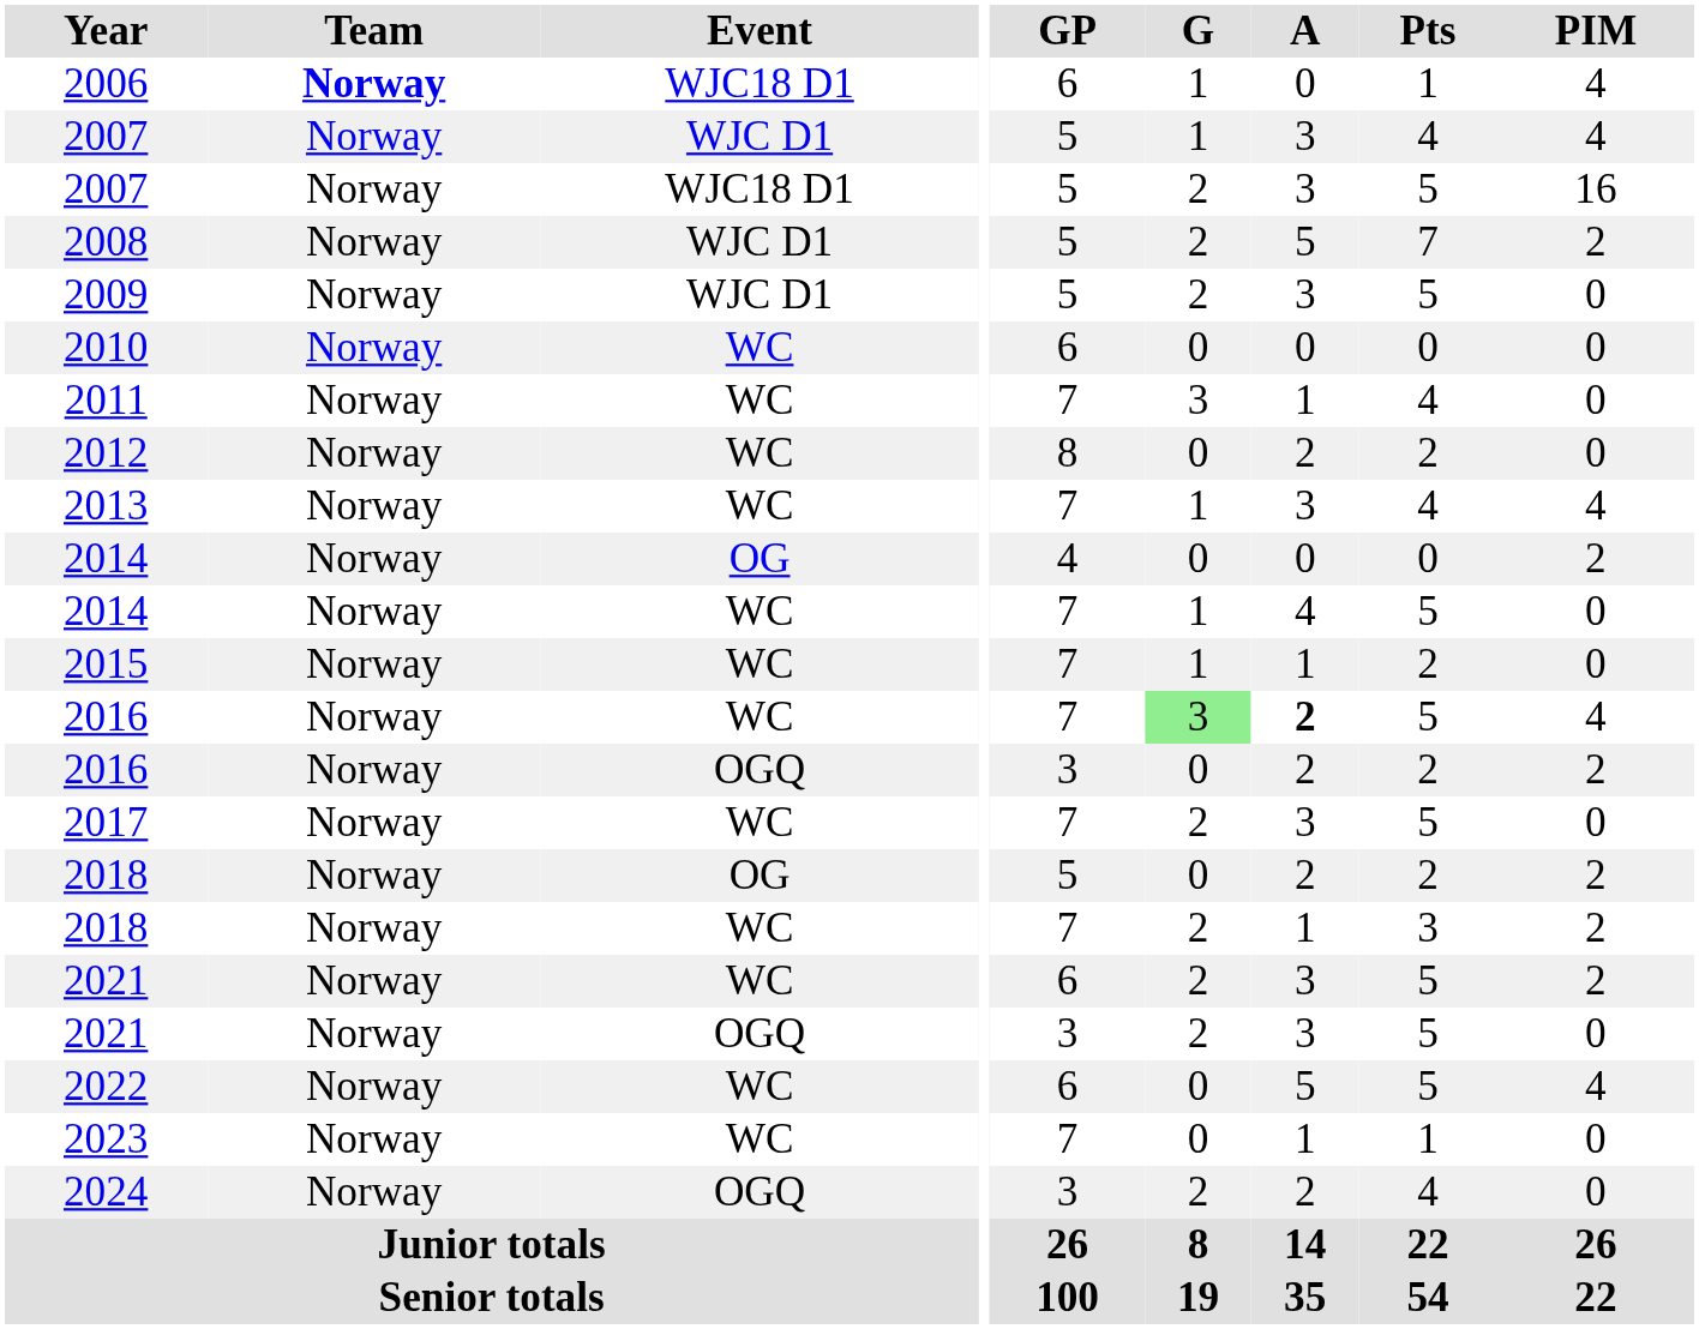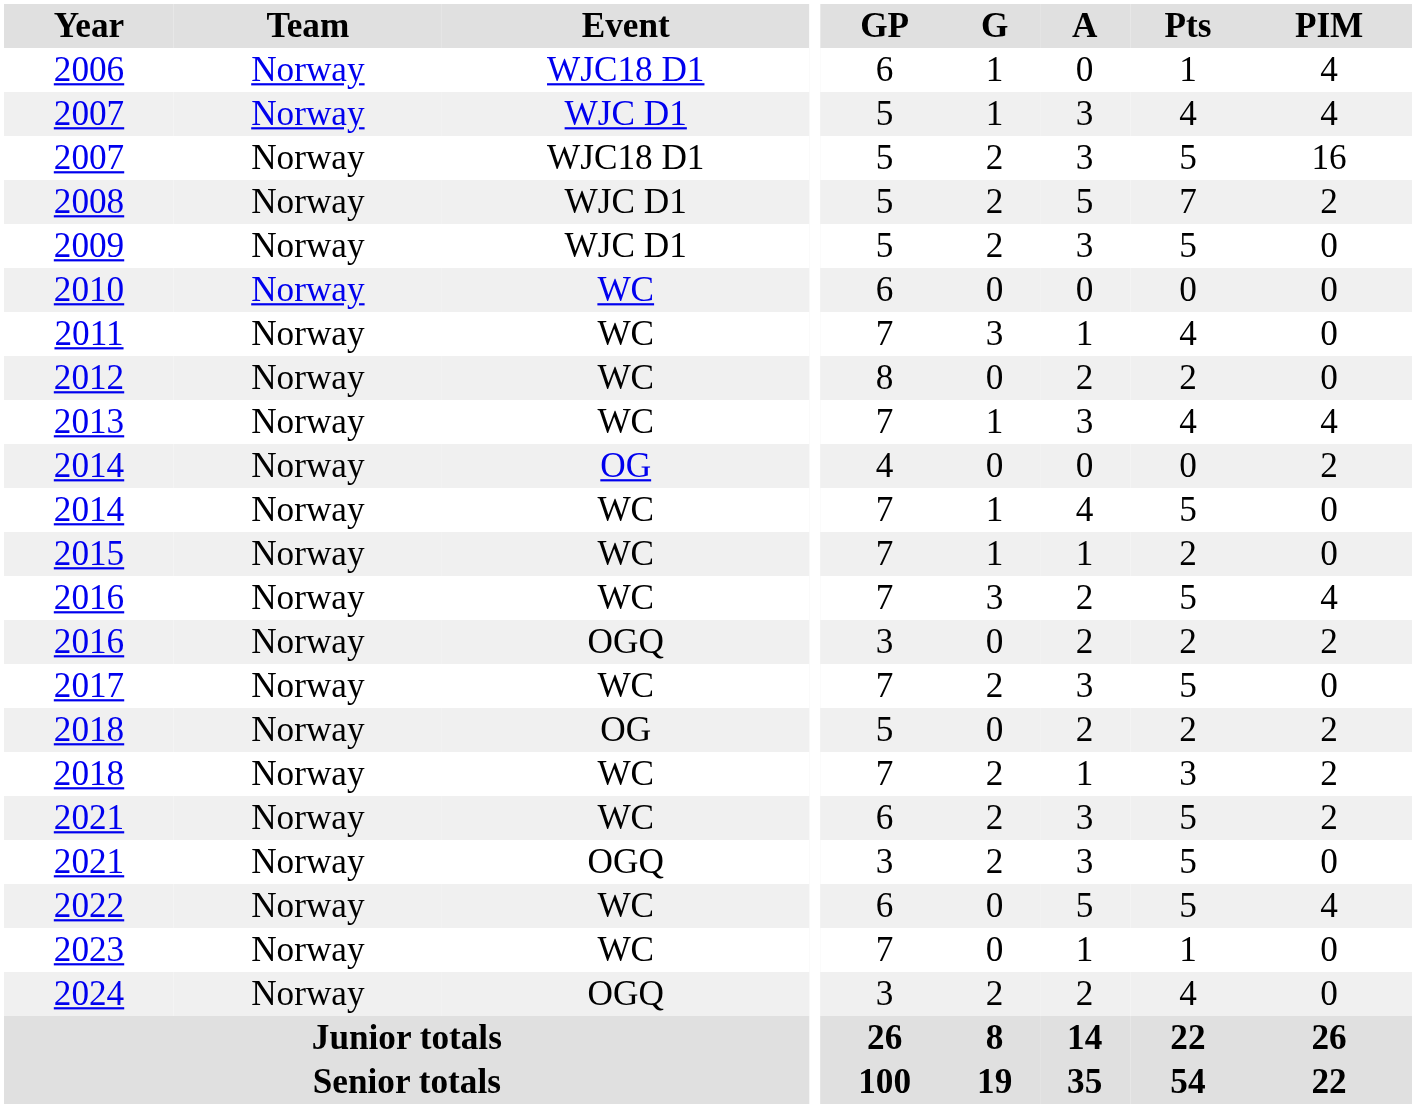 <table border="0" cellpadding="1" cellspacing="0" ID="Table3" style="text-align:center; width:40em">
 <tr ALIGN="center" bgcolor="#e0e0e0">
 <th>Year</th>
 <th>Team</th>
 <th>Event</th>
 <th rowspan="102" bgcolor="#ffffff"></th>
 <th>GP</th>
 <th>G</th>
 <th>A</th>
 <th>Pts</th>
 <th>PIM</th>
 </tr>
 <tr>
 <td><a href='#'>2006</a></td>
-<td><strong><a href='#'>Norway</a></strong></td>
+<td><a href='#'>Norway</a></td>
 <td><a href='#'>WJC18 D1</a></td>
 <td>6</td>
 <td>1</td>
 <td>0</td>
 <td>1</td>
 <td>4</td>
 </tr>
 <tr bgcolor="#f0f0f0">
 <td><a href='#'>2007</a></td>
 <td><a href='#'>Norway</a></td>
 <td><a href='#'>WJC D1</a></td>
 <td>5</td>
 <td>1</td>
 <td>3</td>
 <td>4</td>
 <td>4</td>
 </tr>
 <tr>
 <td><a href='#'>2007</a></td>
 <td>Norway</td>
 <td>WJC18 D1</td>
 <td>5</td>
 <td>2</td>
 <td>3</td>
 <td>5</td>
 <td>16</td>
 </tr>
 <tr bgcolor="#f0f0f0">
 <td><a href='#'>2008</a></td>
 <td>Norway</td>
 <td>WJC D1</td>
 <td>5</td>
 <td>2</td>
 <td>5</td>
 <td>7</td>
 <td>2</td>
 </tr>
 <tr>
 <td><a href='#'>2009</a></td>
 <td>Norway</td>
 <td>WJC D1</td>
 <td>5</td>
 <td>2</td>
 <td>3</td>
 <td>5</td>
 <td>0</td>
 </tr>
 <tr bgcolor="#f0f0f0">
 <td><a href='#'>2010</a></td>
 <td><a href='#'>Norway</a></td>
 <td><a href='#'>WC</a></td>
 <td>6</td>
 <td>0</td>
 <td>0</td>
 <td>0</td>
 <td>0</td>
 </tr>
 <tr>
 <td><a href='#'>2011</a></td>
 <td>Norway</td>
 <td>WC</td>
 <td>7</td>
 <td>3</td>
 <td>1</td>
 <td>4</td>
 <td>0</td>
 </tr>
 <tr bgcolor="#f0f0f0">
 <td><a href='#'>2012</a></td>
 <td>Norway</td>
 <td>WC</td>
 <td>8</td>
 <td>0</td>
 <td>2</td>
 <td>2</td>
 <td>0</td>
 </tr>
 <tr>
 <td><a href='#'>2013</a></td>
 <td>Norway</td>
 <td>WC</td>
 <td>7</td>
 <td>1</td>
 <td>3</td>
 <td>4</td>
 <td>4</td>
 </tr>
 <tr bgcolor="#f0f0f0">
 <td><a href='#'>2014</a></td>
 <td>Norway</td>
 <td><a href='#'>OG</a></td>
 <td>4</td>
 <td>0</td>
 <td>0</td>
 <td>0</td>
 <td>2</td>
 </tr>
 <tr>
 <td><a href='#'>2014</a></td>
 <td>Norway</td>
 <td>WC</td>
 <td>7</td>
 <td>1</td>
 <td>4</td>
 <td>5</td>
 <td>0</td>
 </tr>
 <tr bgcolor="#f0f0f0">
 <td><a href='#'>2015</a></td>
 <td>Norway</td>
 <td>WC</td>
 <td>7</td>
 <td>1</td>
 <td>1</td>
 <td>2</td>
 <td>0</td>
 </tr>
 <tr>
 <td><a href='#'>2016</a></td>
 <td>Norway</td>
 <td>WC</td>
 <td>7</td>
-<td style="background: lightgreen;">3</td>
-<td><strong>2</strong></td>
+<td>3</td>
+<td>2</td>
 <td>5</td>
 <td>4</td>
 </tr>
 <tr bgcolor="#f0f0f0">
 <td><a href='#'>2016</a></td>
 <td>Norway</td>
 <td>OGQ</td>
 <td>3</td>
 <td>0</td>
 <td>2</td>
 <td>2</td>
 <td>2</td>
 </tr>
 <tr>
 <td><a href='#'>2017</a></td>
 <td>Norway</td>
 <td>WC</td>
 <td>7</td>
 <td>2</td>
 <td>3</td>
 <td>5</td>
 <td>0</td>
 </tr>
 <tr bgcolor="#f0f0f0">
 <td><a href='#'>2018</a></td>
 <td>Norway</td>
 <td>OG</td>
 <td>5</td>
 <td>0</td>
 <td>2</td>
 <td>2</td>
 <td>2</td>
 </tr>
 <tr>
 <td><a href='#'>2018</a></td>
 <td>Norway</td>
 <td>WC</td>
 <td>7</td>
 <td>2</td>
 <td>1</td>
 <td>3</td>
 <td>2</td>
 </tr>
 <tr bgcolor="#f0f0f0">
 <td><a href='#'>2021</a></td>
 <td>Norway</td>
 <td>WC</td>
 <td>6</td>
 <td>2</td>
 <td>3</td>
 <td>5</td>
 <td>2</td>
 </tr>
 <tr>
 <td><a href='#'>2021</a></td>
 <td>Norway</td>
 <td>OGQ</td>
 <td>3</td>
 <td>2</td>
 <td>3</td>
 <td>5</td>
 <td>0</td>
 </tr>
 <tr bgcolor="#f0f0f0">
 <td><a href='#'>2022</a></td>
 <td>Norway</td>
 <td>WC</td>
 <td>6</td>
 <td>0</td>
 <td>5</td>
 <td>5</td>
 <td>4</td>
 </tr>
 <tr>
 <td><a href='#'>2023</a></td>
 <td>Norway</td>
 <td>WC</td>
 <td>7</td>
 <td>0</td>
 <td>1</td>
 <td>1</td>
 <td>0</td>
 </tr>
 <tr bgcolor="#f0f0f0">
 <td><a href='#'>2024</a></td>
 <td>Norway</td>
 <td>OGQ</td>
 <td>3</td>
 <td>2</td>
 <td>2</td>
 <td>4</td>
 <td>0</td>
 </tr>
 <tr bgcolor="#e0e0e0">
 <th colspan=3>Junior totals</th>
 <th>26</th>
 <th>8</th>
 <th>14</th>
 <th>22</th>
 <th>26</th>
 </tr>
 <tr bgcolor="#e0e0e0">
 <th colspan=3>Senior totals</th>
 <th>100</th>
 <th>19</th>
 <th>35</th>
 <th>54</th>
 <th>22</th>
 </tr>
 </table>
